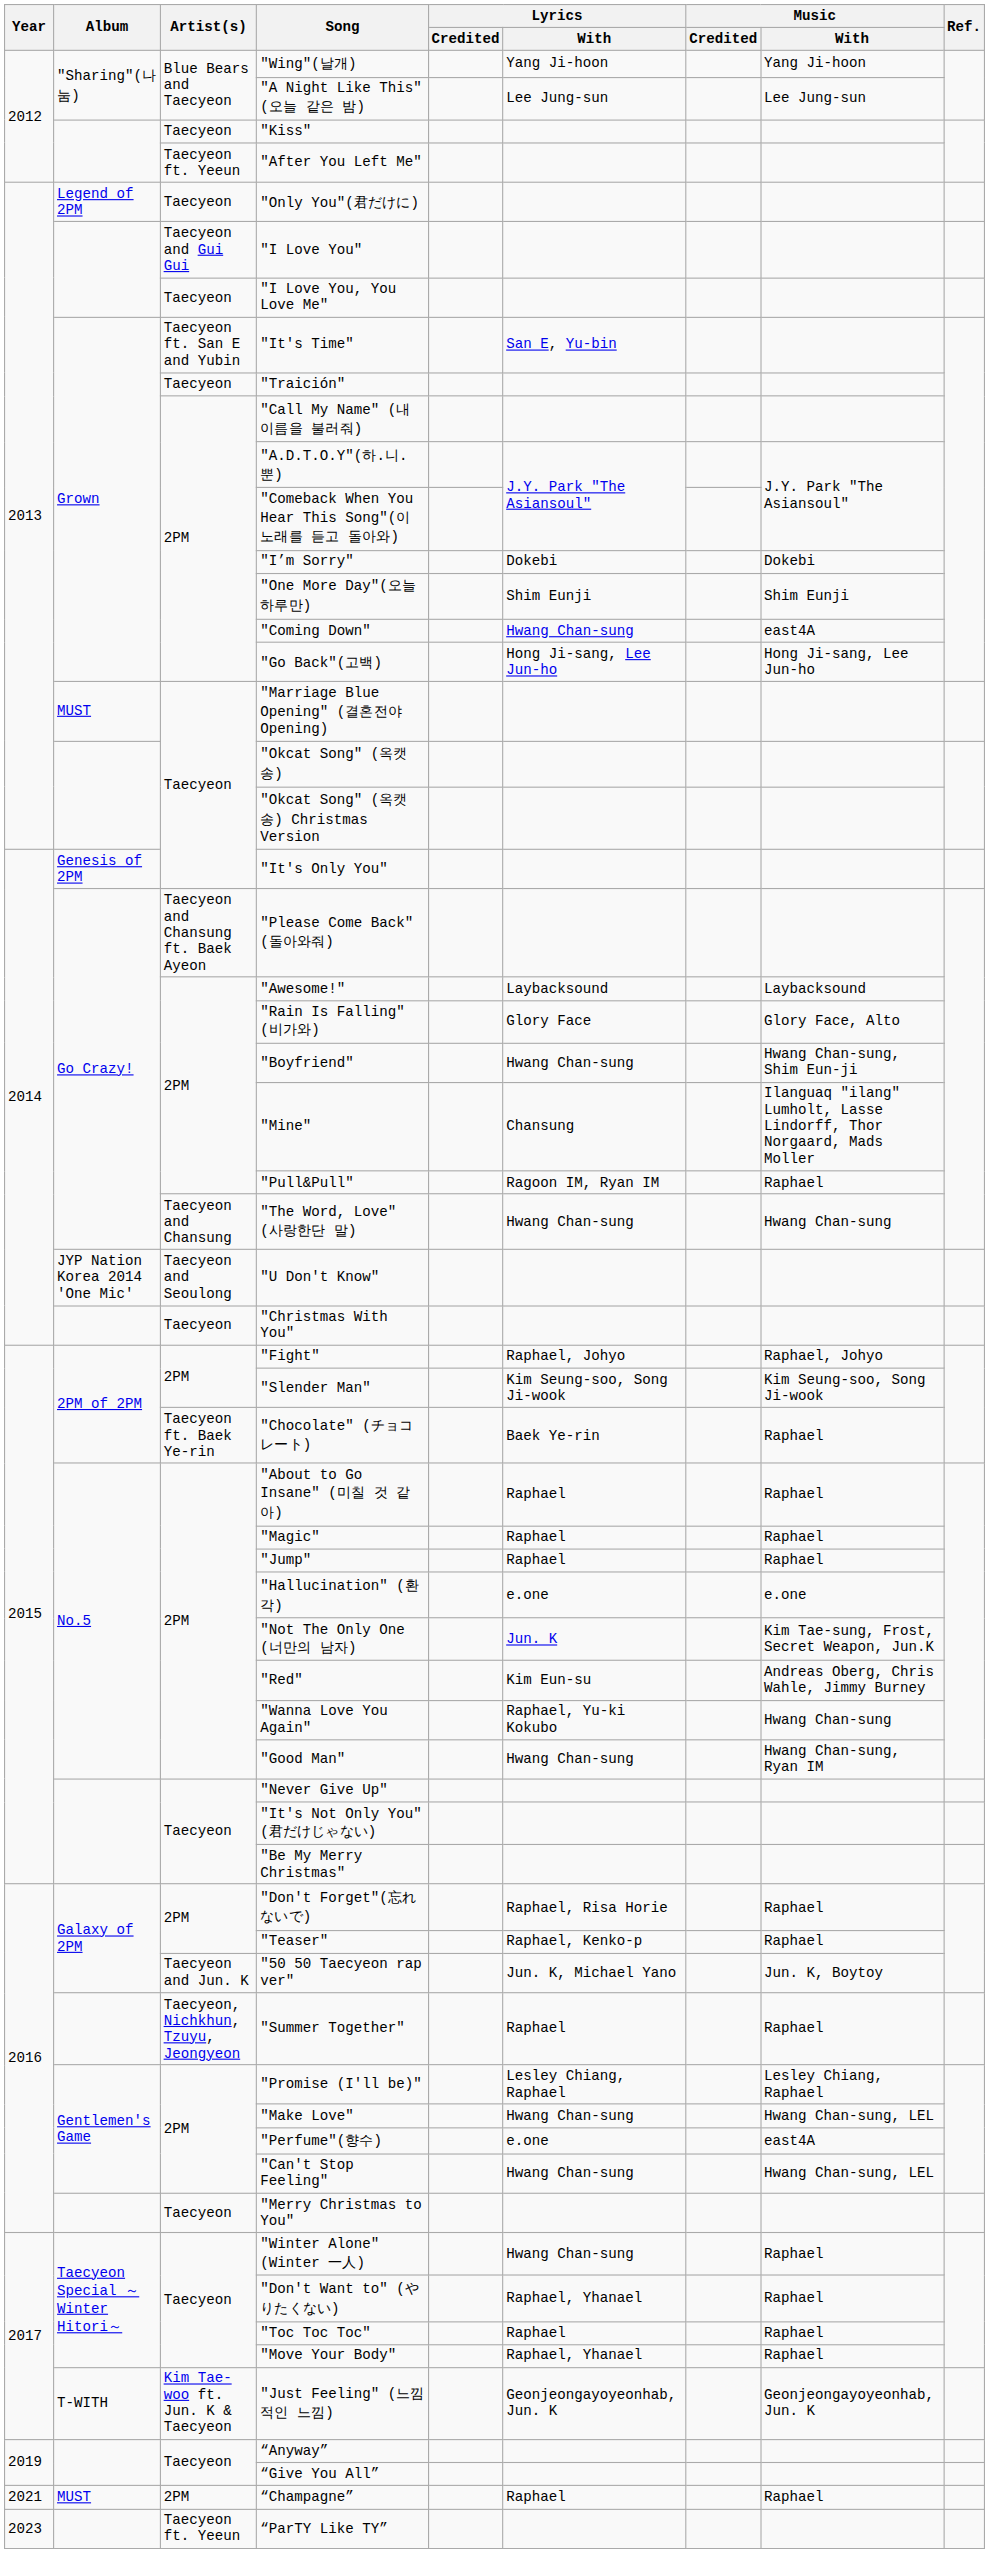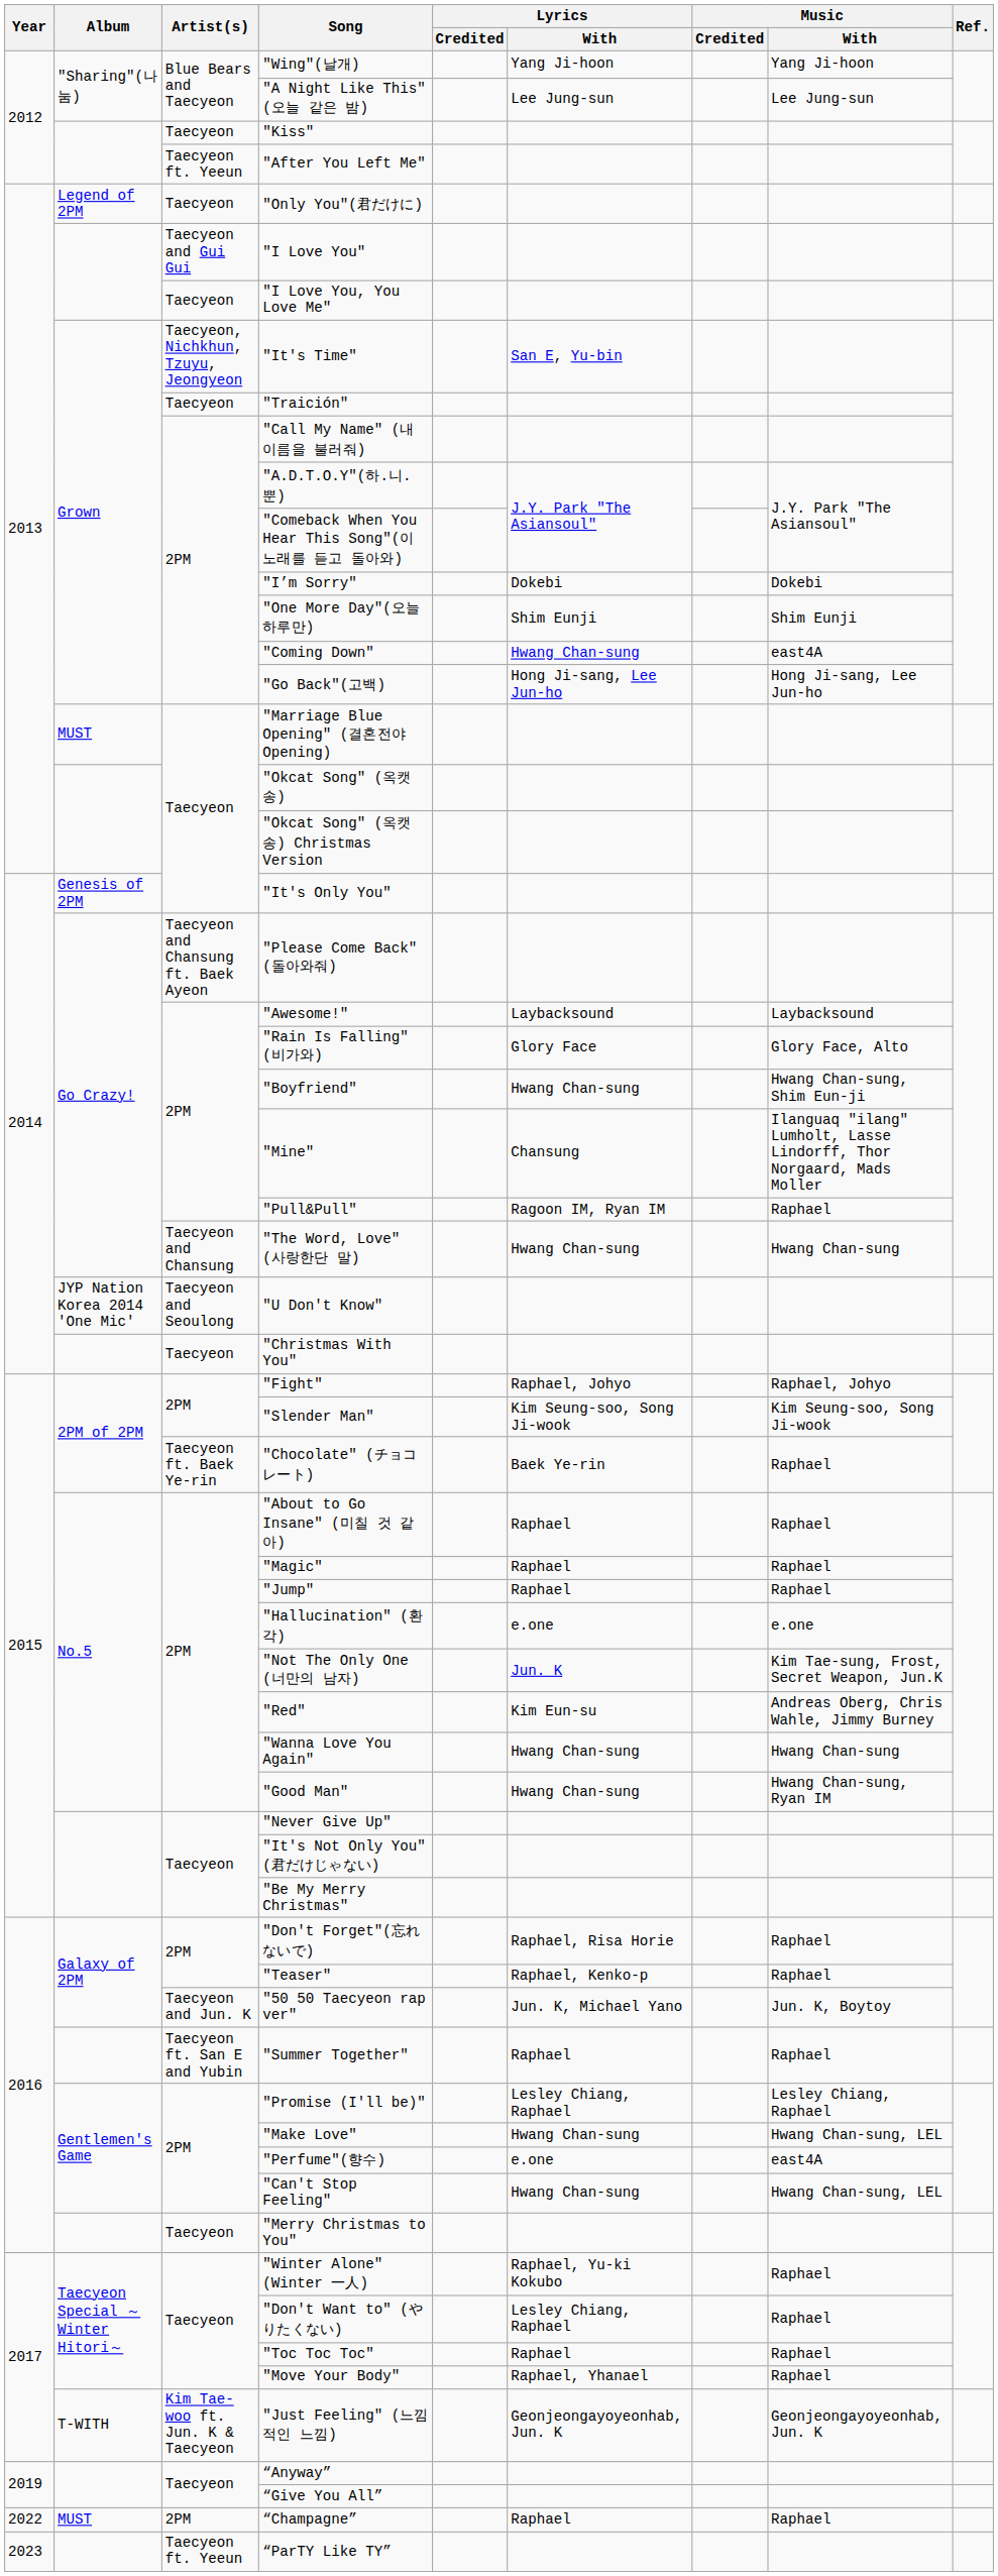 <table class="wikitable"  style=width:900px>
 <tr>
 <th rowspan=2  width=50px>Year</th>
 <th rowspan=2 width=100px>Album</th>
 <th rowspan=2 width=100px>Artist(s)</th>
 <th rowspan=2 width=200px>Song</th>
 <th colspan="2">Lyrics</th>
 <th colspan="2">Music</th>
 <th rowspan=2 width=25px>Ref.</th>
 </tr>
 <tr>
 <th width=50px>Credited</th>
 <th width=170px>With</th>
 <th width=50px>Credited</th>
 <th width=170px>With</th>
 </tr>
 <tr>
 <td rowspan="4">2012</td>
 <td rowspan="2">"Sharing"(나눔)</td>
 <td rowspan="2">Blue Bears and Taecyeon</td>
 <td>"Wing"(날개)</td>
 <td></td>
 <td>Yang Ji-hoon</td>
 <td></td>
 <td>Yang Ji-hoon</td>
 <td rowspan="2"><br></td>
 </tr>
 <tr>
 <td>"A Night Like This"(오늘 같은 밤)</td>
 <td></td>
 <td>Lee Jung-sun</td>
 <td></td>
 <td>Lee Jung-sun</td>
 </tr>
 <tr>
 <td rowspan="2"></td>
 <td>Taecyeon</td>
 <td>"Kiss"</td>
 <td></td>
 <td></td>
 <td></td>
 <td></td>
 <td rowspan="2"></td>
 </tr>
 <tr>
 <td>Taecyeon ft. Yeeun</td>
 <td>"After You Left Me"</td>
 <td></td>
 <td></td>
 <td></td>
 <td></td>
 </tr>
 <tr>
 <td rowspan="15">2013</td>
 <td><a href='#'>Legend of 2PM</a></td>
 <td>Taecyeon</td>
 <td>"Only You"(君だけに)</td>
 <td></td>
 <td></td>
 <td></td>
 <td></td>
 <td><br></td>
 </tr>
 <tr>
 <td rowspan="2"></td>
 <td>Taecyeon and <a href='#'>Gui Gui</a></td>
 <td>"I Love You"</td>
 <td></td>
 <td></td>
 <td></td>
 <td></td>
 <td></td>
 </tr>
 <tr>
 <td>Taecyeon</td>
 <td>"I Love You, You Love Me"</td>
 <td></td>
 <td></td>
 <td></td>
 <td></td>
 <td></td>
 </tr>
 <tr>
 <td rowspan="9"><a href='#'>Grown</a></td>
-<td>Taecyeon ft. San E and Yubin</td>
+<td>Taecyeon, <a href='#'>Nichkhun</a>, <a href='#'>Tzuyu</a>, <a href='#'>Jeongyeon</a></td>
 <td>"It's Time"</td>
 <td></td>
 <td><a href='#'>San E</a>, <a href='#'>Yu-bin</a></td>
 <td></td>
 <td></td>
 <td rowspan="9"></td>
 </tr>
 <tr>
 <td>Taecyeon</td>
 <td>"Traición"</td>
 <td></td>
 <td></td>
 <td></td>
 <td></td>
 </tr>
 <tr>
 <td rowspan="7">2PM</td>
 <td>"Call My Name" (내 이름을 불러줘)</td>
 <td></td>
 <td></td>
 <td></td>
 <td></td>
 </tr>
 <tr>
 <td>"A.D.T.O.Y"(하.니.뿐)</td>
 <td></td>
 <td rowspan="2"><a href='#'>J.Y. Park "The Asiansoul"</a></td>
 <td></td>
 <td rowspan="2">J.Y. Park "The Asiansoul"</td>
 </tr>
 <tr>
 <td>"Comeback When You Hear This Song"(이 노래를 듣고 돌아와)</td>
 <td></td>
 <td></td>
 </tr>
 <tr>
 <td>"I’m Sorry"</td>
 <td></td>
 <td>Dokebi</td>
 <td></td>
 <td>Dokebi</td>
 </tr>
 <tr>
 <td>"One More Day"(오늘 하루만)</td>
 <td></td>
 <td>Shim Eunji</td>
 <td></td>
 <td>Shim Eunji</td>
 </tr>
 <tr>
 <td>"Coming Down"</td>
 <td></td>
 <td><a href='#'>Hwang Chan-sung</a></td>
 <td></td>
 <td>east4A</td>
 </tr>
 <tr>
 <td>"Go Back"(고백)</td>
 <td></td>
 <td>Hong Ji-sang, <a href='#'>Lee Jun-ho</a></td>
 <td></td>
 <td>Hong Ji-sang, Lee Jun-ho</td>
 </tr>
 <tr>
 <td rowspan="1"><a href='#'>MUST</a></td>
 <td rowspan="4">Taecyeon</td>
 <td>"Marriage Blue Opening" (결혼전야 Opening)</td>
 <td></td>
 <td></td>
 <td></td>
 <td></td>
 <td></td>
 </tr>
 <tr>
 <td rowspan="2"></td>
 <td>"Okcat Song" (옥캣송)</td>
 <td></td>
 <td></td>
 <td></td>
 <td></td>
 <td rowspan="2"></td>
 </tr>
 <tr>
 <td>"Okcat Song" (옥캣송) Christmas Version</td>
 <td></td>
 <td></td>
 <td></td>
 <td></td>
 </tr>
 <tr>
 <td rowspan="10">2014</td>
 <td><a href='#'>Genesis of 2PM</a></td>
 <td>"It's Only You"</td>
 <td></td>
 <td></td>
 <td></td>
 <td></td>
 <td><br></td>
 </tr>
 <tr>
 <td rowspan="7"><a href='#'>Go Crazy!</a></td>
 <td>Taecyeon and Chansung ft. Baek Ayeon</td>
 <td>"Please Come Back"(돌아와줘)</td>
 <td></td>
 <td></td>
 <td></td>
 <td></td>
 <td rowspan="7"></td>
 </tr>
 <tr>
 <td rowspan="5">2PM</td>
 <td>"Awesome!"</td>
 <td></td>
 <td>Laybacksound</td>
 <td></td>
 <td>Laybacksound</td>
 </tr>
 <tr>
 <td>"Rain Is Falling" (비가와)</td>
 <td></td>
 <td>Glory Face</td>
 <td></td>
 <td>Glory Face, Alto</td>
 </tr>
 <tr>
 <td>"Boyfriend"</td>
 <td></td>
 <td>Hwang Chan-sung</td>
 <td></td>
 <td>Hwang Chan-sung, Shim Eun-ji</td>
 </tr>
 <tr>
 <td>"Mine"</td>
 <td></td>
 <td>Chansung</td>
 <td></td>
 <td>Ilanguaq "ilang" Lumholt, Lasse Lindorff, Thor Norgaard, Mads Moller</td>
 </tr>
 <tr>
 <td>"Pull&Pull"</td>
 <td></td>
 <td>Ragoon IM, Ryan IM</td>
 <td></td>
 <td>Raphael</td>
 </tr>
 <tr>
 <td>Taecyeon and Chansung</td>
 <td>"The Word, Love" (사랑한단 말)</td>
 <td></td>
 <td>Hwang Chan-sung</td>
 <td></td>
 <td>Hwang Chan-sung</td>
 </tr>
 <tr>
 <td>JYP Nation Korea 2014 'One Mic'</td>
 <td>Taecyeon and Seoulong</td>
 <td>"U Don't Know"</td>
 <td></td>
 <td></td>
 <td></td>
 <td></td>
 <td></td>
 </tr>
 <tr>
 <td></td>
 <td>Taecyeon</td>
 <td>"Christmas With You"</td>
 <td></td>
 <td></td>
 <td></td>
 <td></td>
 <td></td>
 </tr>
 <tr>
 <td rowspan="14">2015</td>
 <td rowspan="3"><a href='#'>2PM of 2PM</a></td>
 <td rowspan="2">2PM</td>
 <td>"Fight"</td>
 <td></td>
 <td>Raphael, Johyo</td>
 <td></td>
 <td>Raphael, Johyo</td>
 <td rowspan="3"></td>
 </tr>
 <tr>
 <td>"Slender Man"</td>
 <td></td>
 <td>Kim Seung-soo, Song Ji-wook</td>
 <td></td>
 <td>Kim Seung-soo, Song Ji-wook</td>
 </tr>
 <tr>
 <td>Taecyeon ft. Baek Ye-rin</td>
 <td>"Chocolate" (チョコレート)</td>
 <td></td>
 <td>Baek Ye-rin</td>
 <td></td>
 <td>Raphael</td>
 </tr>
 <tr>
 <td rowspan="8"><a href='#'>No.5</a></td>
 <td rowspan="8">2PM</td>
 <td>"About to Go Insane" (미칠 것 같아)</td>
 <td></td>
 <td>Raphael</td>
 <td></td>
 <td>Raphael</td>
 <td rowspan="8"></td>
 </tr>
 <tr>
 <td>"Magic"</td>
 <td></td>
 <td>Raphael</td>
 <td></td>
 <td>Raphael</td>
 </tr>
 <tr>
 <td>"Jump"</td>
 <td></td>
 <td>Raphael</td>
 <td></td>
 <td>Raphael</td>
 </tr>
 <tr>
 <td>"Hallucination" (환각)</td>
 <td></td>
 <td>e.one</td>
 <td></td>
 <td>e.one</td>
 </tr>
 <tr>
 <td>"Not The Only One (너만의 남자)</td>
 <td></td>
 <td><a href='#'>Jun. K</a></td>
 <td></td>
 <td>Kim Tae-sung, Frost, Secret Weapon, Jun.K</td>
 </tr>
 <tr>
 <td>"Red"</td>
 <td></td>
 <td>Kim Eun-su</td>
 <td></td>
 <td>Andreas Oberg, Chris Wahle, Jimmy Burney</td>
 </tr>
 <tr>
 <td>"Wanna Love You Again"</td>
 <td></td>
-<td>Raphael, Yu-ki Kokubo</td>
+<td>Hwang Chan-sung</td>
 <td></td>
 <td>Hwang Chan-sung</td>
 </tr>
 <tr>
 <td>"Good Man"</td>
 <td></td>
 <td>Hwang Chan-sung</td>
 <td></td>
 <td>Hwang Chan-sung, Ryan IM</td>
 </tr>
 <tr>
 <td rowspan="3"></td>
 <td rowspan="3">Taecyeon</td>
 <td>"Never Give Up"</td>
 <td></td>
 <td></td>
 <td></td>
 <td></td>
 <td></td>
 </tr>
 <tr>
 <td>"It's Not Only You" (君だけじゃない)</td>
 <td></td>
 <td></td>
 <td></td>
 <td></td>
 <td></td>
 </tr>
 <tr>
 <td>"Be My Merry Christmas"</td>
 <td></td>
 <td></td>
 <td></td>
 <td></td>
 <td></td>
 </tr>
 <tr>
 <td rowspan="9">2016</td>
 <td rowspan="3"><a href='#'>Galaxy of 2PM</a></td>
 <td rowspan="2">2PM</td>
 <td>"Don't Forget"(忘れないで)</td>
 <td></td>
 <td>Raphael, Risa Horie</td>
 <td></td>
 <td>Raphael</td>
 <td rowspan="3"></td>
 </tr>
 <tr>
 <td>"Teaser"</td>
 <td></td>
 <td>Raphael, Kenko-p</td>
 <td></td>
 <td>Raphael</td>
 </tr>
 <tr>
 <td>Taecyeon and Jun. K</td>
 <td>"50 50 Taecyeon rap ver"</td>
 <td></td>
 <td>Jun. K, Michael Yano</td>
 <td></td>
 <td>Jun. K, Boytoy</td>
 </tr>
 <tr>
 <td></td>
-<td>Taecyeon, <a href='#'>Nichkhun</a>, <a href='#'>Tzuyu</a>, <a href='#'>Jeongyeon</a></td>
+<td>Taecyeon ft. San E and Yubin</td>
 <td>"Summer Together"</td>
 <td></td>
 <td>Raphael</td>
 <td></td>
 <td>Raphael</td>
 <td></td>
 </tr>
 <tr>
 <td rowspan="4"><a href='#'>Gentlemen's Game</a></td>
 <td rowspan="4">2PM</td>
 <td>"Promise (I'll be)"</td>
 <td></td>
 <td>Lesley Chiang, Raphael</td>
 <td></td>
 <td>Lesley Chiang, Raphael</td>
 <td rowspan="4"></td>
 </tr>
 <tr>
 <td>"Make Love"</td>
 <td></td>
 <td>Hwang Chan-sung</td>
 <td></td>
 <td>Hwang Chan-sung, LEL</td>
 </tr>
 <tr>
 <td>"Perfume"(향수)</td>
 <td></td>
 <td>e.one</td>
 <td></td>
 <td>east4A</td>
 </tr>
 <tr>
 <td>"Can't Stop Feeling"</td>
 <td></td>
 <td>Hwang Chan-sung</td>
 <td></td>
 <td>Hwang Chan-sung, LEL</td>
 </tr>
 <tr>
 <td></td>
 <td>Taecyeon</td>
 <td>"Merry Christmas to You"</td>
 <td></td>
 <td></td>
 <td></td>
 <td></td>
 <td></td>
 </tr>
 <tr>
 <td rowspan="5">2017</td>
 <td rowspan="4"><a href='#'>Taecyeon Special ～Winter Hitori～</a></td>
 <td rowspan="4">Taecyeon</td>
 <td>"Winter Alone" (Winter 一人)</td>
 <td></td>
-<td>Hwang Chan-sung</td>
+<td>Raphael, Yu-ki Kokubo</td>
 <td></td>
 <td>Raphael</td>
 <td rowspan="4"></td>
 </tr>
 <tr>
 <td>"Don't Want to" (やりたくない)</td>
 <td></td>
-<td>Raphael, Yhanael</td>
+<td>Lesley Chiang, Raphael</td>
 <td></td>
 <td>Raphael</td>
 </tr>
 <tr>
 <td>"Toc Toc Toc"</td>
 <td></td>
 <td>Raphael</td>
 <td></td>
 <td>Raphael</td>
 </tr>
 <tr>
 <td>"Move Your Body"</td>
 <td></td>
 <td>Raphael, Yhanael</td>
 <td></td>
 <td>Raphael</td>
 </tr>
 <tr>
 <td>T-WITH</td>
 <td><a href='#'>Kim Tae-woo</a> ft. Jun. K & Taecyeon</td>
 <td>"Just Feeling" (느낌적인 느낌)</td>
 <td></td>
 <td>Geonjeongayoyeonhab, Jun. K</td>
 <td></td>
 <td>Geonjeongayoyeonhab, Jun. K</td>
 <td></td>
 </tr>
 <tr>
 <td rowspan="2">2019</td>
 <td rowspan="2"></td>
 <td rowspan="2">Taecyeon</td>
 <td>“Anyway”</td>
 <td></td>
 <td></td>
 <td></td>
 <td></td>
 <td></td>
 </tr>
 <tr>
 <td>“Give You All”</td>
 <td></td>
 <td></td>
 <td></td>
 <td></td>
 <td></td>
 </tr>
 <tr>
-<td rowspan="1">2021</td>
+<td rowspan="1">2022</td>
 <td rowspan="1"><a href='#'>MUST</a></td>
 <td rowspan="1">2PM</td>
 <td>“Champagne”</td>
 <td></td>
 <td>Raphael</td>
 <td></td>
 <td>Raphael</td>
 <td></td>
 </tr>
 <tr>
 <td rowspan="1">2023</td>
 <td rowspan="1"></td>
 <td>Taecyeon ft. Yeeun</td>
 <td>“ParTY Like TY”</td>
 <td></td>
 <td></td>
 <td></td>
 <td></td>
 <td></td>
 </tr>
 <tr>
 </tr>
 </table>
